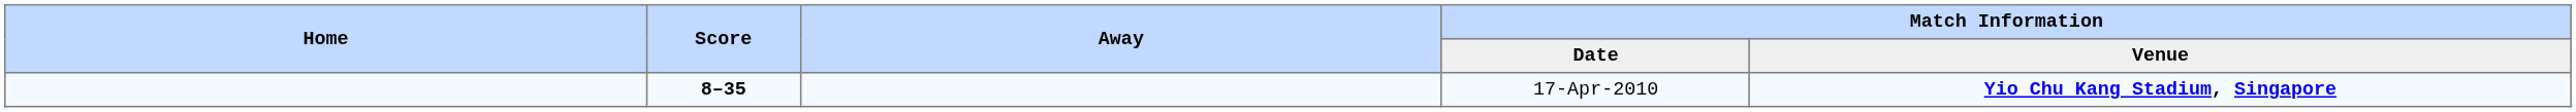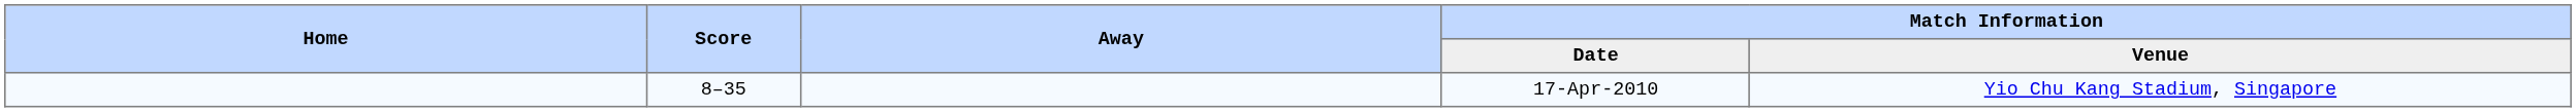 <table border=1 style="border-collapse:collapse; font-size:90%; text-align:center;" cellpadding=3 cellspacing=0 width=100%>
 <tr bgcolor=#C1D8FF>
 <th rowspan=2 width=25%>Home</th>
 <th rowspan=2 width=6%>Score</th>
 <th rowspan=2 width=25%>Away</th>
 <th colspan=6>Match Information</th>
 </tr>
 <tr bgcolor=#EFEFEF>
 <th width=12%>Date</th>
 <th width=32%>Venue</th>
 </tr>
 <tr bgcolor=#F5FAFF>
 <td align=right></td>
-<td><strong>8–35</strong></td>
+<td>8–35</td>
 <td align=left><strong></strong></td>
 <td>17-Apr-2010</td>
-<td><strong><a href='#'>Yio Chu Kang Stadium</a>, <a href='#'>Singapore</a></strong></td>
+<td><a href='#'>Yio Chu Kang Stadium</a>, <a href='#'>Singapore</a></td>
 </tr>
 </table>
